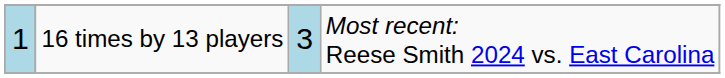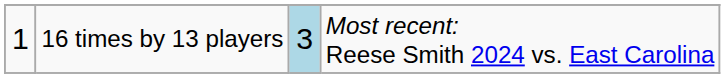 <table class="wikitable">
 <tr>
 </tr>
 <tr>
-<td style="background: lightblue;">1</td>
+<td>1</td>
 <td style="font-size:80%;">16 times by 13 players</td>
 <td style="background: lightblue;">3</td>
 <td colspan=2 style="font-size:80%;"><em>Most recent:</em><br>Reese Smith <a href='#'>2024</a> vs. <a href='#'>East Carolina</a></td>
 </tr>
 </table>
